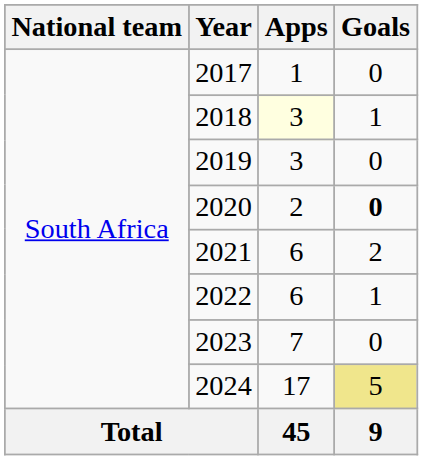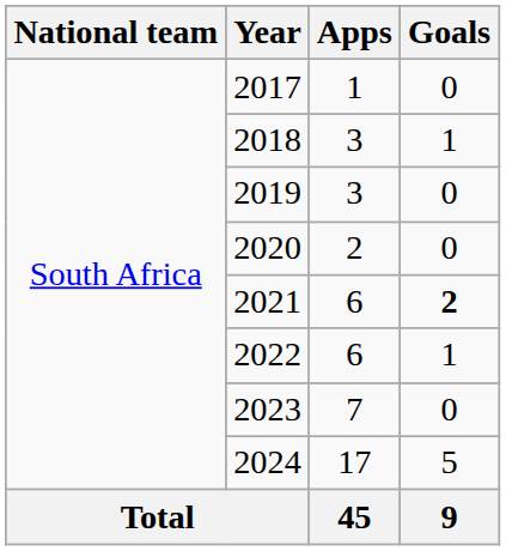 <table class="wikitable" style="text-align:center">
 <tr>
 <th>National team</th>
 <th>Year</th>
 <th>Apps</th>
 <th>Goals</th>
 </tr>
 <tr>
 <td rowspan="8"><a href='#'>South Africa</a></td>
 <td>2017</td>
 <td>1</td>
 <td>0</td>
 </tr>
 <tr>
 <td>2018</td>
-<td style="background: lightyellow;">3</td>
+<td>3</td>
 <td>1</td>
 </tr>
 <tr>
 <td>2019</td>
 <td>3</td>
 <td>0</td>
 </tr>
 <tr>
 <td>2020</td>
 <td>2</td>
-<td><strong>0</strong></td>
+<td>0</td>
 </tr>
 <tr>
 <td>2021</td>
 <td>6</td>
-<td>2</td>
+<td><strong>2</strong></td>
 </tr>
 <tr>
 <td>2022</td>
 <td>6</td>
 <td>1</td>
 </tr>
 <tr>
 <td>2023</td>
 <td>7</td>
 <td>0</td>
 </tr>
 <tr>
 <td>2024</td>
 <td>17</td>
-<td style="background: khaki;">5</td>
+<td>5</td>
 </tr>
 <tr>
 <th colspan="2">Total</th>
 <th>45</th>
 <th>9</th>
 </tr>
 </table>
